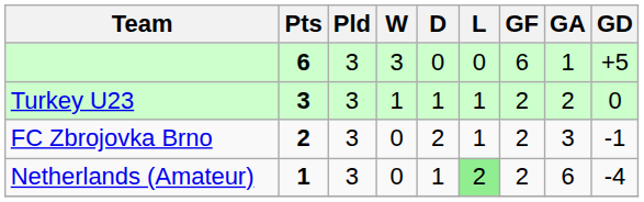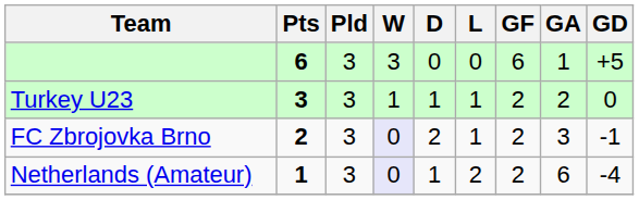 <table class="wikitable" style="text-align:center;">
 <tr>
 <th width=175>Team</th>
 <th width=20 abbr="Points">Pts</th>
 <th width=20 abbr="Played">Pld</th>
 <th width=20 abbr="Won">W</th>
 <th width=20 abbr="Drawn">D</th>
 <th width=20 abbr="Lost">L</th>
 <th width=20 abbr="Goals for">GF</th>
 <th width=20 abbr="Goals against">GA</th>
 <th width=20 abbr="Goal difference">GD</th>
 </tr>
 <tr bgcolor=#CCFFCC>
 <td style="text-align:left;"></td>
 <td><strong>6</strong></td>
 <td>3</td>
 <td>3</td>
 <td>0</td>
 <td>0</td>
 <td>6</td>
 <td>1</td>
 <td>+5</td>
 </tr>
 <tr bgcolor=#CCFFCC>
 <td style="text-align:left;"> <a href='#'>Turkey U23</a></td>
 <td><strong>3</strong></td>
 <td>3</td>
 <td>1</td>
 <td>1</td>
 <td>1</td>
 <td>2</td>
 <td>2</td>
 <td>0</td>
 </tr>
 <tr>
 <td style="text-align:left;"> <a href='#'>FC Zbrojovka Brno</a></td>
 <td><strong>2</strong></td>
 <td>3</td>
-<td>0</td>
+<td style="background: lavender;">0</td>
 <td>2</td>
 <td>1</td>
 <td>2</td>
 <td>3</td>
 <td>-1</td>
 </tr>
 <tr>
 <td style="text-align:left;"> <a href='#'>Netherlands (Amateur)</a></td>
 <td><strong>1</strong></td>
 <td>3</td>
-<td>0</td>
+<td style="background: lavender;">0</td>
 <td>1</td>
-<td style="background: lightgreen;">2</td>
+<td>2</td>
 <td>2</td>
 <td>6</td>
 <td>-4</td>
 </tr>
 <tr>
 </tr>
 </table>
